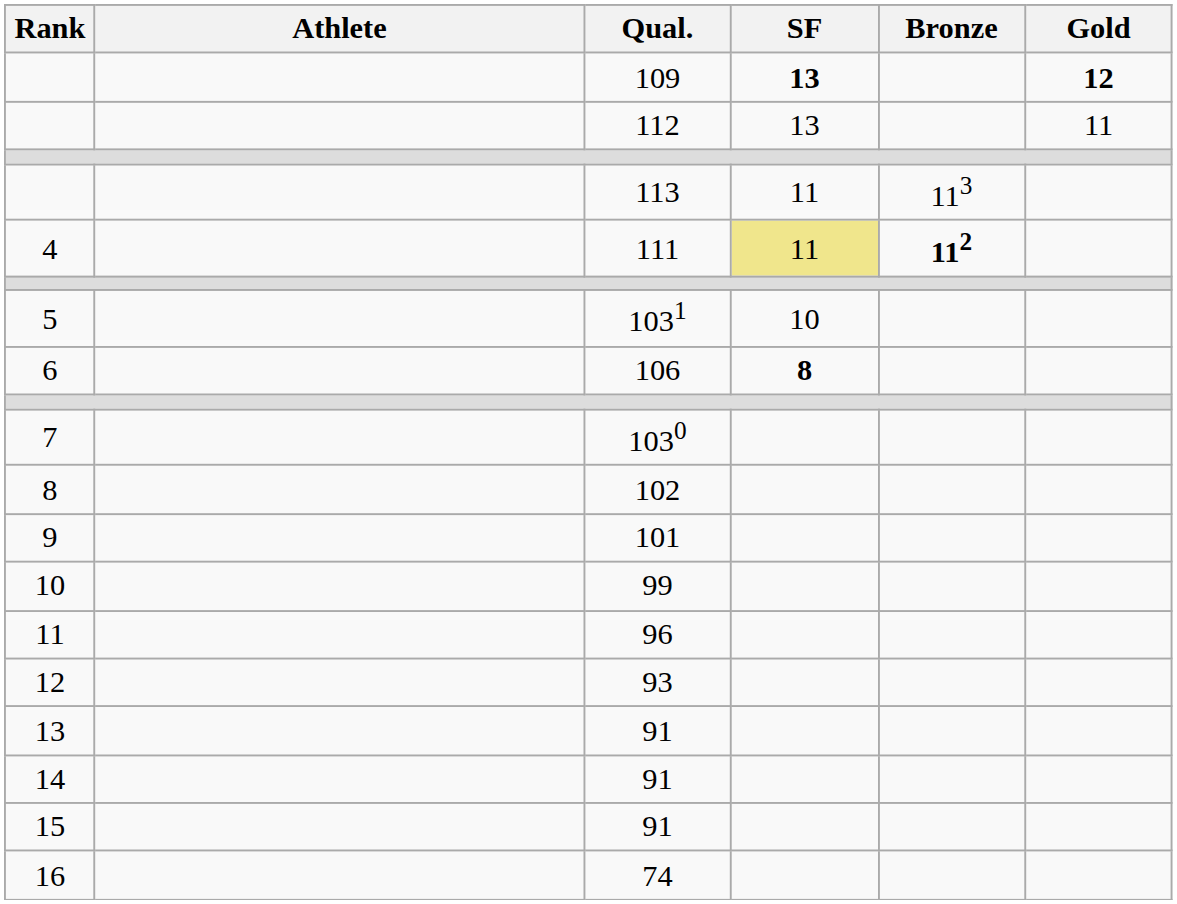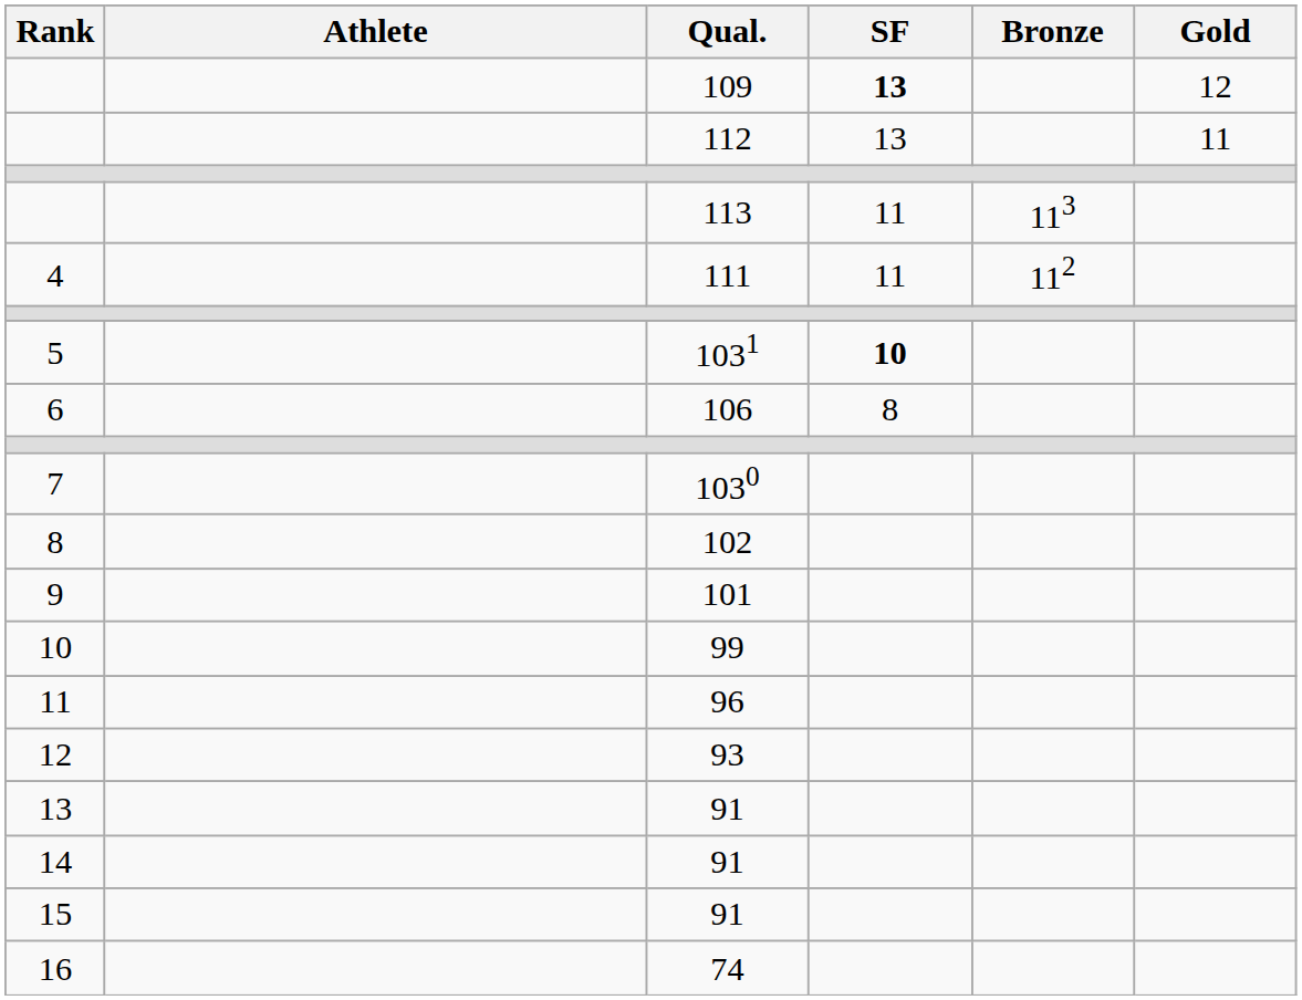 <table class="wikitable" style="text-align:center">
 <tr>
 <th width=40>Rank</th>
 <th width=250>Athlete</th>
 <th width=70>Qual.</th>
 <th width=70>SF</th>
 <th width=70>Bronze</th>
 <th width=70>Gold</th>
 </tr>
 <tr>
 <td></td>
 <td align=left></td>
 <td>109</td>
 <td><strong>13</strong></td>
 <td></td>
-<td><strong>12</strong></td>
+<td>12</td>
 </tr>
 <tr>
 <td></td>
 <td align=left></td>
 <td>112</td>
 <td>13</td>
 <td></td>
 <td>11</td>
 </tr>
 <tr bgcolor=#DDDDDD>
 <td colspan=6></td>
 </tr>
 <tr>
 <td></td>
 <td align=left></td>
 <td>113</td>
 <td>11</td>
 <td>11<sup>3</sup></td>
 <td></td>
 </tr>
 <tr>
 <td>4</td>
 <td align=left></td>
 <td>111</td>
-<td style="background: khaki;">11</td>
-<td><strong>11<sup>2</sup></strong></td>
+<td>11</td>
+<td>11<sup>2</sup></td>
 <td></td>
 </tr>
 <tr bgcolor=#DDDDDD>
 <td colspan=6></td>
 </tr>
 <tr>
 <td>5</td>
 <td align=left></td>
 <td>103<sup>1</sup></td>
-<td>10</td>
+<td><strong>10</strong></td>
 <td></td>
 <td></td>
 </tr>
 <tr>
 <td>6</td>
 <td align=left></td>
 <td>106</td>
-<td><strong>8</strong></td>
+<td>8</td>
 <td></td>
 <td></td>
 </tr>
 <tr bgcolor=#DDDDDD>
 <td colspan=6></td>
 </tr>
 <tr>
 <td>7</td>
 <td align=left></td>
 <td>103<sup>0</sup></td>
 <td></td>
 <td></td>
 <td></td>
 </tr>
 <tr>
 <td>8</td>
 <td align=left></td>
 <td>102</td>
 <td></td>
 <td></td>
 <td></td>
 </tr>
 <tr>
 <td>9</td>
 <td align=left></td>
 <td>101</td>
 <td></td>
 <td></td>
 <td></td>
 </tr>
 <tr>
 <td>10</td>
 <td align=left></td>
 <td>99</td>
 <td></td>
 <td></td>
 <td></td>
 </tr>
 <tr>
 <td>11</td>
 <td align=left></td>
 <td>96</td>
 <td></td>
 <td></td>
 <td></td>
 </tr>
 <tr>
 <td>12</td>
 <td align=left></td>
 <td>93</td>
 <td></td>
 <td></td>
 <td></td>
 </tr>
 <tr>
 <td>13</td>
 <td align=left></td>
 <td>91</td>
 <td></td>
 <td></td>
 <td></td>
 </tr>
 <tr>
 <td>14</td>
 <td align=left></td>
 <td>91</td>
 <td></td>
 <td></td>
 <td></td>
 </tr>
 <tr>
 <td>15</td>
 <td align=left></td>
 <td>91</td>
 <td></td>
 <td></td>
 <td></td>
 </tr>
 <tr>
 <td>16</td>
 <td align=left></td>
 <td>74</td>
 <td></td>
 <td></td>
 <td></td>
 </tr>
 </table>
